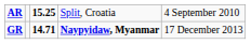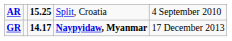 <table class="wikitable" style="font-size:95%; position:relative;">
 <tr>
 <td align=center><strong><a href='#'>AR</a></strong></td>
 <td></td>
 <td><strong>15.25</strong></td>
 <td><a href='#'>Split</a>, Croatia</td>
 <td>4 September 2010</td>
 </tr>
 <tr>
 <td align=center><strong><a href='#'>GR</a></strong></td>
 <td></td>
-<td><strong>14.71</strong></td>
+<td><strong>14.17</strong></td>
 <td><strong><a href='#'>Naypyidaw</a>, Myanmar</strong></td>
 <td>17 December 2013</td>
 </tr>
 </table>
